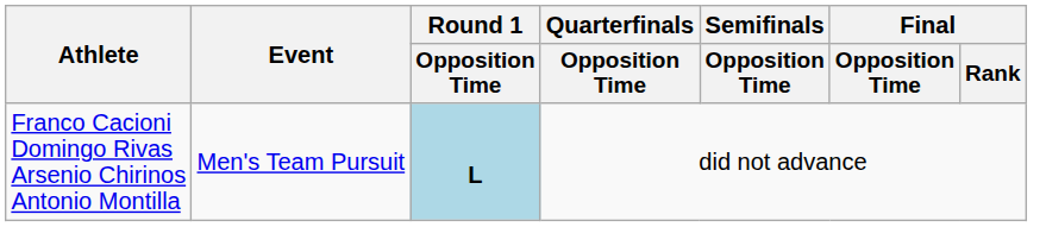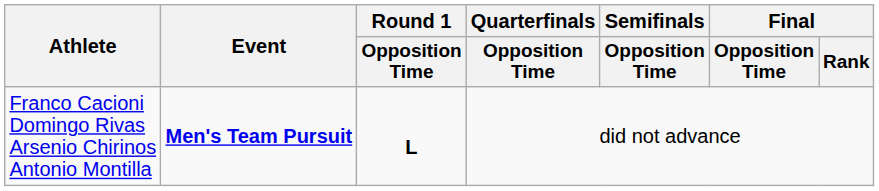 <table class="wikitable" border="1" style="font-size:90%">
 <tr>
 <th rowspan="2">Athlete</th>
 <th rowspan="2">Event</th>
 <th>Round 1</th>
 <th>Quarterfinals</th>
 <th>Semifinals</th>
 <th colspan=2>Final</th>
 </tr>
 <tr style="font-size:95%">
 <th>Opposition<br>Time</th>
 <th>Opposition<br>Time</th>
 <th>Opposition<br>Time</th>
 <th>Opposition<br>Time</th>
 <th>Rank</th>
 </tr>
 <tr align=center>
 <td align=left><a href='#'>Franco Cacioni</a><br><a href='#'>Domingo Rivas</a><br><a href='#'>Arsenio Chirinos</a><br><a href='#'>Antonio Montilla</a></td>
-<td align=left><a href='#'>Men's Team Pursuit</a></td>
-<td style="background: lightblue;"><br><strong>L</strong></td>
+<td align=left><strong><a href='#'>Men's Team Pursuit</a></strong></td>
+<td><br><strong>L</strong></td>
 <td colspan=4>did not advance</td>
 </tr>
 </table>
